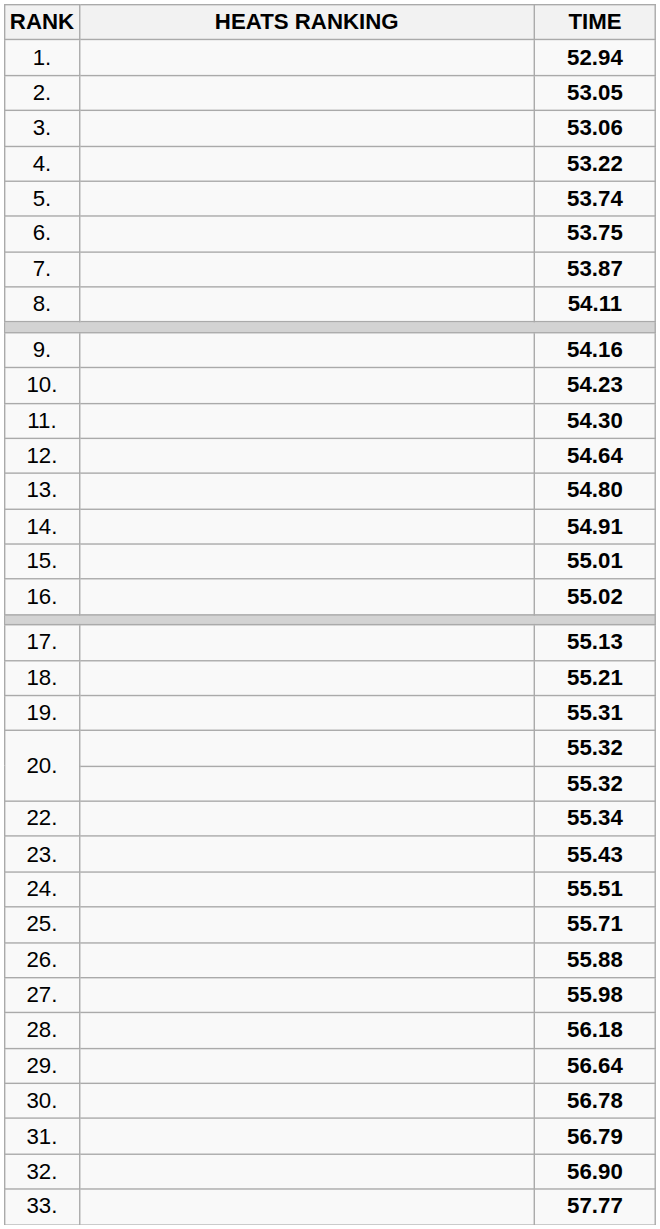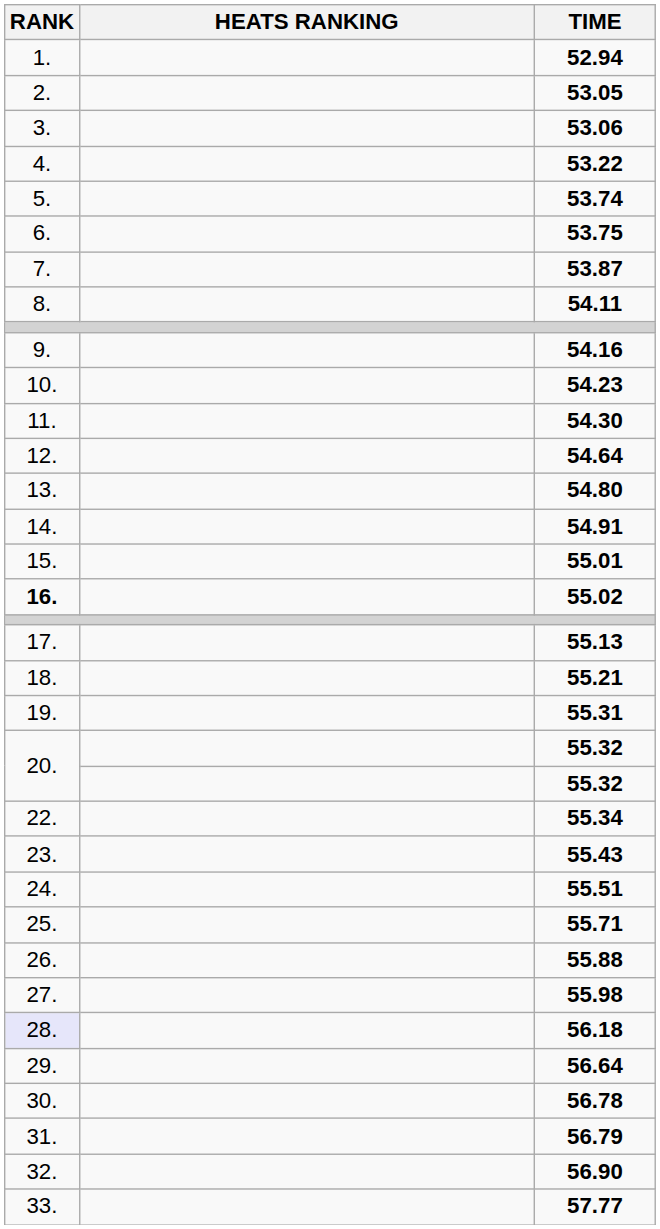 <table class="wikitable">
 <tr>
 <th>RANK</th>
 <th style="width: 20em">HEATS RANKING</th>
 <th style="width: 5em">TIME</th>
 </tr>
 <tr>
 <td align="center">1.</td>
 <td></td>
 <td align="center"><strong>52.94</strong></td>
 </tr>
 <tr>
 <td align="center">2.</td>
 <td></td>
 <td align="center"><strong>53.05</strong></td>
 </tr>
 <tr>
 <td align="center">3.</td>
 <td></td>
 <td align="center"><strong>53.06</strong></td>
 </tr>
 <tr>
 <td align="center">4.</td>
 <td></td>
 <td align="center"><strong>53.22</strong></td>
 </tr>
 <tr>
 <td align="center">5.</td>
 <td></td>
 <td align="center"><strong>53.74</strong></td>
 </tr>
 <tr>
 <td align="center">6.</td>
 <td></td>
 <td align="center"><strong>53.75</strong></td>
 </tr>
 <tr>
 <td align="center">7.</td>
 <td></td>
 <td align="center"><strong>53.87</strong></td>
 </tr>
 <tr>
 <td align="center">8.</td>
 <td></td>
 <td align="center"><strong>54.11</strong></td>
 </tr>
 <tr>
 <td colspan=3 bgcolor=lightgray></td>
 </tr>
 <tr>
 <td align="center">9.</td>
 <td></td>
 <td align="center"><strong>54.16</strong></td>
 </tr>
 <tr>
 <td align="center">10.</td>
 <td></td>
 <td align="center"><strong>54.23</strong></td>
 </tr>
 <tr>
 <td align="center">11.</td>
 <td></td>
 <td align="center"><strong>54.30</strong></td>
 </tr>
 <tr>
 <td align="center">12.</td>
 <td></td>
 <td align="center"><strong>54.64</strong></td>
 </tr>
 <tr>
 <td align="center">13.</td>
 <td></td>
 <td align="center"><strong>54.80</strong></td>
 </tr>
 <tr>
 <td align="center">14.</td>
 <td></td>
 <td align="center"><strong>54.91</strong></td>
 </tr>
 <tr>
 <td align="center">15.</td>
 <td></td>
 <td align="center"><strong>55.01</strong></td>
 </tr>
 <tr>
-<td align="center">16.</td>
+<td align="center"><strong>16.</strong></td>
 <td></td>
 <td align="center"><strong>55.02</strong></td>
 </tr>
 <tr>
 <td colspan=3 bgcolor=lightgray></td>
 </tr>
 <tr>
 <td align="center">17.</td>
 <td></td>
 <td align="center"><strong>55.13</strong></td>
 </tr>
 <tr>
 <td align="center">18.</td>
 <td></td>
 <td align="center"><strong>55.21</strong></td>
 </tr>
 <tr>
 <td align="center">19.</td>
 <td></td>
 <td align="center"><strong>55.31</strong></td>
 </tr>
 <tr>
 <td rowspan=2 align="center">20.</td>
 <td></td>
 <td align="center"><strong>55.32</strong></td>
 </tr>
 <tr>
 <td></td>
 <td align="center"><strong>55.32</strong></td>
 </tr>
 <tr>
 <td align="center">22.</td>
 <td></td>
 <td align="center"><strong>55.34</strong></td>
 </tr>
 <tr>
 <td align="center">23.</td>
 <td></td>
 <td align="center"><strong>55.43</strong></td>
 </tr>
 <tr>
 <td align="center">24.</td>
 <td></td>
 <td align="center"><strong>55.51</strong></td>
 </tr>
 <tr>
 <td align="center">25.</td>
 <td></td>
 <td align="center"><strong>55.71</strong></td>
 </tr>
 <tr>
 <td align="center">26.</td>
 <td></td>
 <td align="center"><strong>55.88</strong></td>
 </tr>
 <tr>
 <td align="center">27.</td>
 <td></td>
 <td align="center"><strong>55.98</strong></td>
 </tr>
 <tr>
-<td align="center">28.</td>
+<td align="center" style="background: lavender;">28.</td>
 <td></td>
 <td align="center"><strong>56.18</strong></td>
 </tr>
 <tr>
 <td align="center">29.</td>
 <td></td>
 <td align="center"><strong>56.64</strong></td>
 </tr>
 <tr>
 <td align="center">30.</td>
 <td></td>
 <td align="center"><strong>56.78</strong></td>
 </tr>
 <tr>
 <td align="center">31.</td>
 <td></td>
 <td align="center"><strong>56.79</strong></td>
 </tr>
 <tr>
 <td align="center">32.</td>
 <td></td>
 <td align="center"><strong>56.90</strong></td>
 </tr>
 <tr>
 <td align="center">33.</td>
 <td></td>
 <td align="center"><strong>57.77</strong></td>
 </tr>
 </table>
